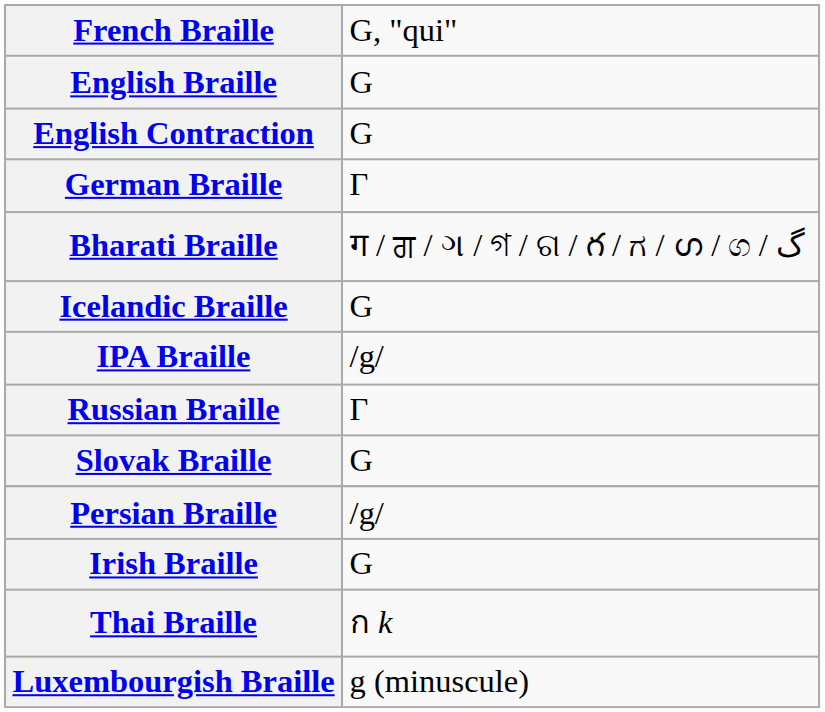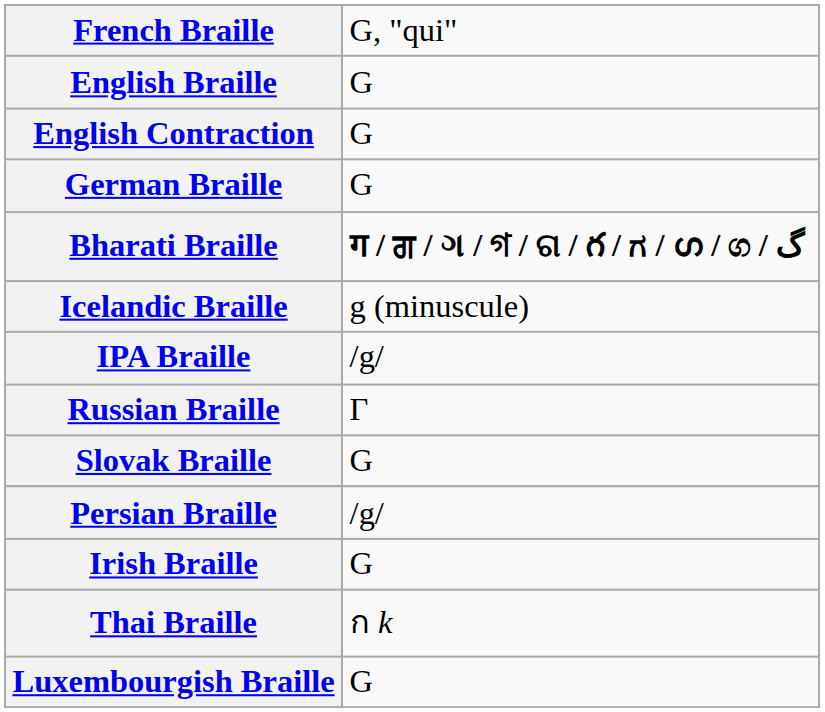 <table class="wikitable">
 <tr>
 <th align=left><a href='#'>French Braille</a></th>
 <td>G, "qui"</td>
 </tr>
 <tr>
 <th align=left><a href='#'>English Braille</a></th>
 <td>G</td>
 </tr>
 <tr>
 <th align=left><a href='#'>English Contraction</a></th>
 <td>G</td>
 </tr>
 <tr>
 <th align=left><a href='#'>German Braille</a></th>
-<td>Г</td>
+<td>G</td>
 </tr>
 <tr>
 <th align=left><a href='#'>Bharati Braille</a></th>
-<td>ग / ਗ / ગ / গ / ଗ / గ / ಗ / ഗ / ග / گ ‎</td>
+<td><strong>ग / ਗ / ગ / গ / ଗ / గ / ಗ / ഗ / ග / گ ‎</strong></td>
 </tr>
 <tr>
 <th align=left><a href='#'>Icelandic Braille</a></th>
-<td>G</td>
+<td>g (minuscule)</td>
 </tr>
 <tr>
 <th align=left><a href='#'>IPA Braille</a></th>
 <td>/g/</td>
 </tr>
 <tr>
 <th align=left><a href='#'>Russian Braille</a></th>
 <td>Г</td>
 </tr>
 <tr>
 <th align=left><a href='#'>Slovak Braille</a></th>
 <td>G</td>
 </tr>
 <tr>
 </tr>
 <tr>
 <th align=left><a href='#'>Persian Braille</a></th>
 <td>/g/</td>
 </tr>
 <tr>
 <th align=left><a href='#'>Irish Braille</a></th>
 <td>G</td>
 </tr>
 <tr>
 <th align=left><a href='#'>Thai Braille</a></th>
 <td>ก <em>k</em></td>
 </tr>
 <tr>
 <th align=left><a href='#'>Luxembourgish Braille</a></th>
-<td>g (minuscule)</td>
+<td>G</td>
 </tr>
 <tr>
 </tr>
 </table>
